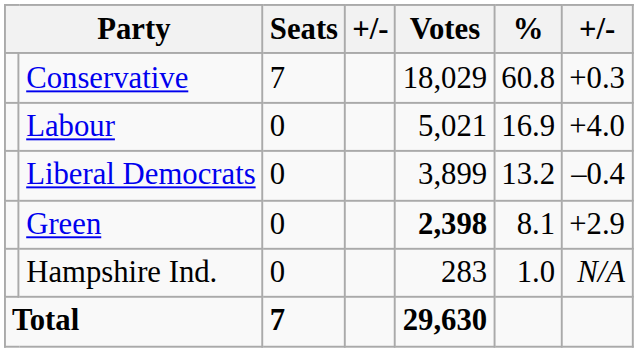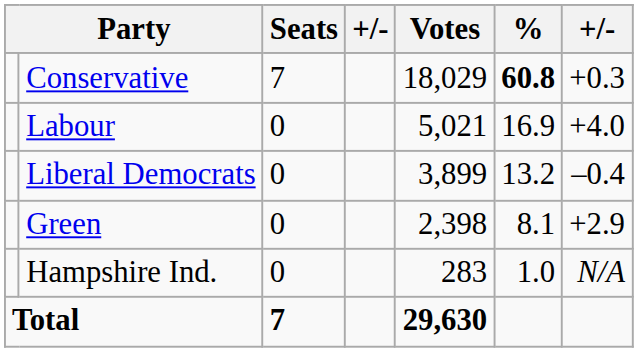 <table class="wikitable sortable">
 <tr>
 <th colspan="2">Party</th>
 <th>Seats</th>
 <th>+/-</th>
 <th>Votes</th>
 <th>%</th>
 <th>+/-</th>
 </tr>
 <tr>
 <td style="background-color: "></td>
 <td><a href='#'>Conservative</a></td>
 <td>7</td>
 <td></td>
 <td style="text-align:right;">18,029</td>
-<td style="text-align:right;">60.8</td>
+<td style="text-align:right;"><strong>60.8</strong></td>
 <td style="text-align:right;">+0.3</td>
 </tr>
 <tr>
 <td style="background-color: "></td>
 <td><a href='#'>Labour</a></td>
 <td>0</td>
 <td></td>
 <td style="text-align:right;">5,021</td>
 <td style="text-align:right;">16.9</td>
 <td style="text-align:right;">+4.0</td>
 </tr>
 <tr>
 <td style="background-color: "></td>
 <td><a href='#'>Liberal Democrats</a></td>
 <td>0</td>
 <td></td>
 <td style="text-align:right;">3,899</td>
 <td style="text-align:right;">13.2</td>
 <td style="text-align:right;">–0.4</td>
 </tr>
 <tr>
 <td style="background-color: "></td>
 <td><a href='#'>Green</a></td>
 <td>0</td>
 <td></td>
-<td style="text-align:right;"><strong>2,398</strong></td>
+<td style="text-align:right;">2,398</td>
 <td style="text-align:right;">8.1</td>
 <td style="text-align:right;">+2.9</td>
 </tr>
 <tr>
 <td style="background-color: "></td>
 <td>Hampshire Ind.</td>
 <td>0</td>
 <td></td>
 <td style="text-align:right;">283</td>
 <td style="text-align:right;">1.0</td>
 <td style="text-align:right;"><em>N/A</em></td>
 </tr>
 <tr>
 <td colspan="2"><strong>Total</strong></td>
 <td><strong>7</strong></td>
 <td></td>
 <td style="text-align:right;"><strong>29,630</strong></td>
 <td style="text-align:right;"></td>
 <td style="text-align:right;"></td>
 </tr>
 </table>
